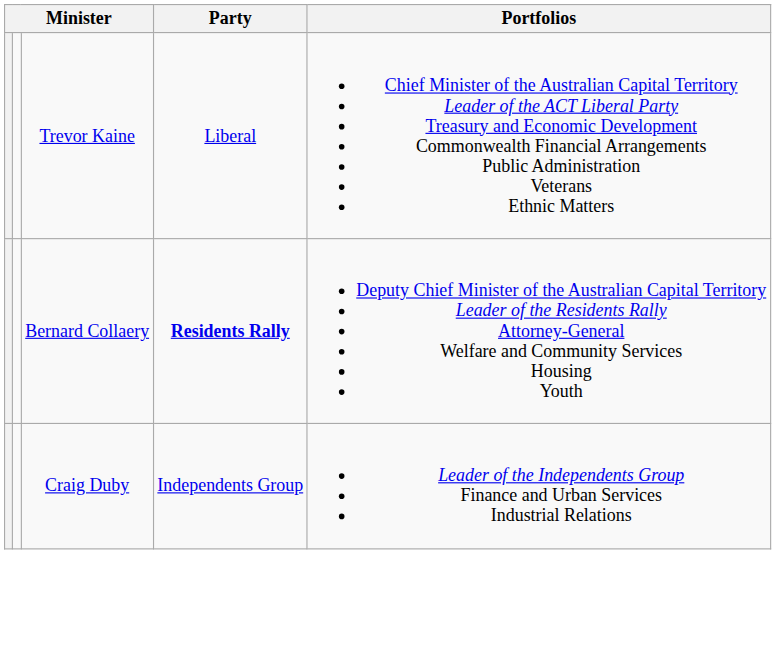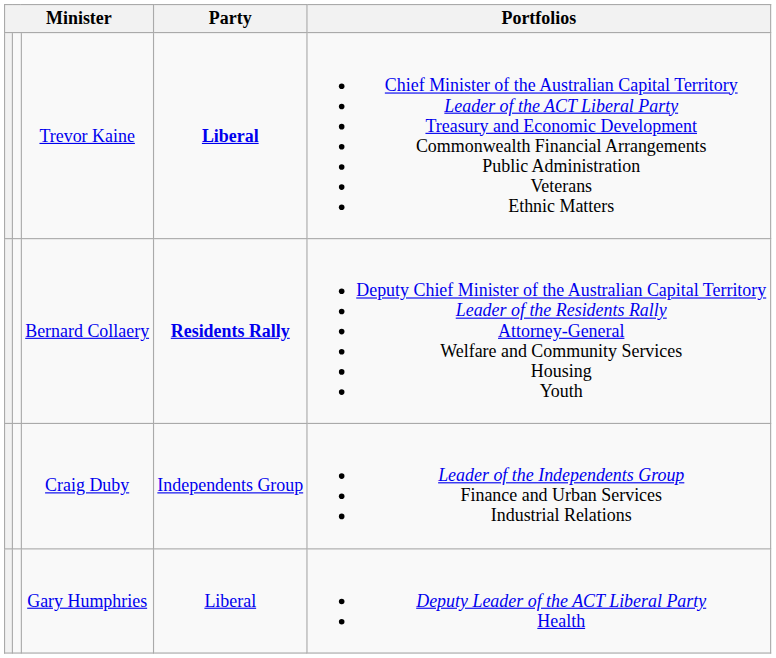 <table class="wikitable" style="text-align:center">
 <tr>
 <th colspan=3>Minister<br></th>
 <th>Party</th>
 <th>Portfolios</th>
 </tr>
 <tr>
 <th style="background:"></th>
 <td></td>
 <td><a href='#'>Trevor Kaine</a> <br> </td>
-<td><a href='#'>Liberal</a></td>
+<td><strong><a href='#'>Liberal</a></strong></td>
 <td><br><ul><li><a href='#'>Chief Minister of the Australian Capital Territory</a></li><li><em><a href='#'>Leader of the ACT Liberal Party</a></em></li><li><a href='#'>Treasury and Economic Development</a></li><li>Commonwealth Financial Arrangements</li><li>Public Administration</li><li>Veterans</li><li>Ethnic Matters</li></ul></td>
 </tr>
 <tr>
 <th style="background:"></th>
 <td></td>
 <td><a href='#'>Bernard Collaery</a> <br> </td>
 <td><strong><a href='#'>Residents Rally</a></strong></td>
 <td><br><ul><li><a href='#'>Deputy Chief Minister of the Australian Capital Territory</a></li><li><em><a href='#'>Leader of the Residents Rally</a></em></li><li><a href='#'>Attorney-General</a></li><li>Welfare and Community Services</li><li>Housing</li><li>Youth</li></ul></td>
 </tr>
 <tr>
 <th style="background:"></th>
 <td></td>
 <td><a href='#'>Craig Duby</a> <br> </td>
 <td><a href='#'>Independents Group</a></td>
 <td><br><ul><li><em><a href='#'>Leader of the Independents Group</a></em></li><li>Finance and Urban Services</li><li>Industrial Relations</li></ul></td>
 </tr>
+<tr>
+<th style="background:"></th>
+<td></td>
+<td><a href='#'>Gary Humphries</a> <br> </td>
+<td><a href='#'>Liberal</a></td>
+<td><br><ul><li><em><a href='#'>Deputy Leader of the ACT Liberal Party</a></em></li><li><a href='#'>Health</a></li></ul></td>
+</tr>
 </table>
